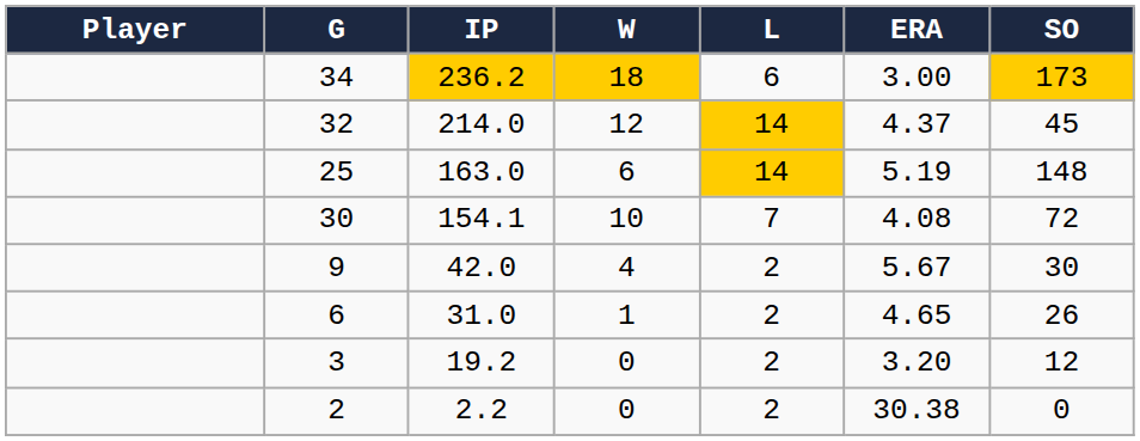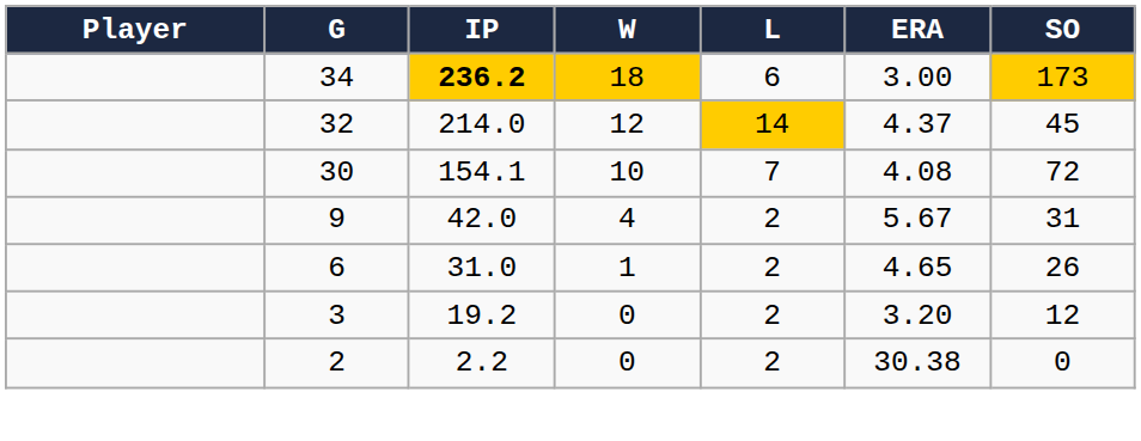 <table class="wikitable sortable">
 <tr>
 <th style="background:#1c2841;color:white;" width="16%">Player</th>
 <th style="background:#1c2841;color:white;" width="9%">G</th>
 <th style="background:#1c2841;color:white;" width="9%">IP</th>
 <th style="background:#1c2841;color:white;" width="9%">W</th>
 <th style="background:#1c2841;color:white;" width="9%">L</th>
 <th style="background:#1c2841;color:white;" width="9%">ERA</th>
 <th style="background:#1c2841;color:white;" width="9%">SO</th>
 </tr>
 <tr align="center">
 <td></td>
 <td>34</td>
-<td style="background:#fc0;">236.2</td>
+<td style="background:#fc0;"><strong>236.2</strong></td>
 <td style="background:#fc0;">18</td>
 <td>6</td>
 <td>3.00</td>
 <td style="background:#fc0;">173</td>
 </tr>
 <tr align="center">
 <td></td>
 <td>32</td>
 <td>214.0</td>
 <td>12</td>
 <td style="background:#fc0;">14</td>
 <td>4.37</td>
 <td>45</td>
-</tr>
-<tr align="center">
-<td></td>
-<td>25</td>
-<td>163.0</td>
-<td>6</td>
-<td style="background:#fc0;">14</td>
-<td>5.19</td>
-<td>148</td>
 </tr>
 <tr align="center">
 <td></td>
 <td>30</td>
 <td>154.1</td>
 <td>10</td>
 <td>7</td>
 <td>4.08</td>
 <td>72</td>
 </tr>
 <tr align="center">
 <td></td>
 <td>9</td>
 <td>42.0</td>
 <td>4</td>
 <td>2</td>
 <td>5.67</td>
-<td>30</td>
+<td>31</td>
 </tr>
 <tr align="center">
 <td></td>
 <td>6</td>
 <td>31.0</td>
 <td>1</td>
 <td>2</td>
 <td>4.65</td>
 <td>26</td>
 </tr>
 <tr align="center">
 <td></td>
 <td>3</td>
 <td>19.2</td>
 <td>0</td>
 <td>2</td>
 <td>3.20</td>
 <td>12</td>
 </tr>
 <tr align="center">
 <td></td>
 <td>2</td>
 <td>2.2</td>
 <td>0</td>
 <td>2</td>
 <td>30.38</td>
 <td>0</td>
 </tr>
 </table>
